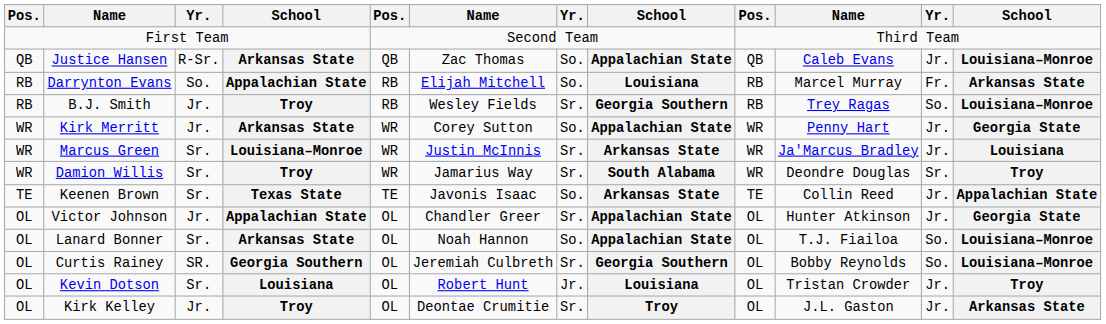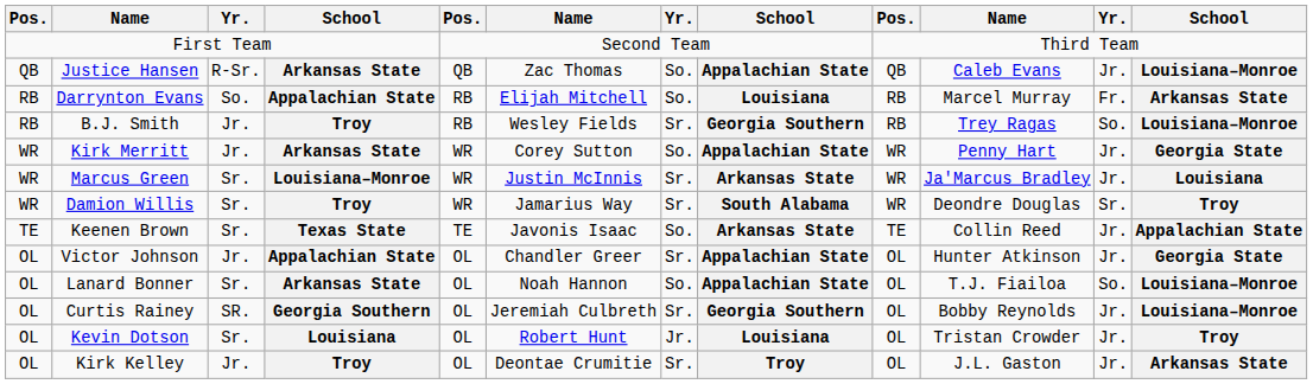 <table class="wikitable">
 <tr>
 <th>Pos.</th>
 <th>Name</th>
 <th>Yr.</th>
 <th>School</th>
 <th>Pos.</th>
 <th>Name</th>
 <th>Yr.</th>
 <th>School</th>
 <th>Pos.</th>
 <th>Name</th>
 <th>Yr.</th>
 <th>School</th>
 </tr>
 <tr>
 <td colspan="4" style="text-align:center;">First Team</td>
 <td colspan="4" style="text-align:center;">Second Team</td>
 <td colspan="4" style="text-align:center;">Third Team</td>
 </tr>
 <tr style="text-align:center;">
 <td>QB</td>
 <td><a href='#'>Justice Hansen</a></td>
 <td>R-Sr.</td>
 <th>Arkansas State</th>
 <td>QB</td>
 <td>Zac Thomas</td>
 <td>So.</td>
 <th>Appalachian State</th>
 <td>QB</td>
 <td><a href='#'>Caleb Evans</a></td>
 <td>Jr.</td>
 <th>Louisiana–Monroe</th>
 </tr>
 <tr style="text-align:center;">
 <td>RB</td>
 <td><a href='#'>Darrynton Evans</a></td>
 <td>So.</td>
 <th>Appalachian State</th>
 <td>RB</td>
 <td><a href='#'>Elijah Mitchell</a></td>
 <td>So.</td>
 <th>Louisiana</th>
 <td>RB</td>
 <td>Marcel Murray</td>
 <td>Fr.</td>
 <th>Arkansas State</th>
 </tr>
 <tr style="text-align:center;">
 <td>RB</td>
 <td>B.J. Smith</td>
 <td>Jr.</td>
 <th>Troy</th>
 <td>RB</td>
 <td>Wesley Fields</td>
 <td>Sr.</td>
 <th>Georgia Southern</th>
 <td>RB</td>
 <td><a href='#'>Trey Ragas</a></td>
 <td>So.</td>
 <th>Louisiana–Monroe</th>
 </tr>
 <tr style="text-align:center;">
 <td>WR</td>
 <td><a href='#'>Kirk Merritt</a></td>
 <td>Jr.</td>
 <th>Arkansas State</th>
 <td>WR</td>
 <td>Corey Sutton</td>
 <td>So.</td>
 <th>Appalachian State</th>
 <td>WR</td>
 <td><a href='#'>Penny Hart</a></td>
 <td>Jr.</td>
 <th>Georgia State</th>
 </tr>
 <tr style="text-align:center;">
 <td>WR</td>
 <td><a href='#'>Marcus Green</a></td>
 <td>Sr.</td>
 <th>Louisiana–Monroe</th>
 <td>WR</td>
 <td><a href='#'>Justin McInnis</a></td>
 <td>Sr.</td>
 <th>Arkansas State</th>
 <td>WR</td>
 <td><a href='#'>Ja'Marcus Bradley</a></td>
 <td>Jr.</td>
 <th>Louisiana</th>
 </tr>
 <tr style="text-align:center;">
 <td>WR</td>
 <td><a href='#'>Damion Willis</a></td>
 <td>Sr.</td>
 <th>Troy</th>
 <td>WR</td>
 <td>Jamarius Way</td>
 <td>Sr.</td>
 <th>South Alabama</th>
 <td>WR</td>
 <td>Deondre Douglas</td>
 <td>Sr.</td>
 <th>Troy</th>
 </tr>
 <tr style="text-align:center;">
 <td>TE</td>
 <td>Keenen Brown</td>
 <td>Sr.</td>
 <th>Texas State</th>
 <td>TE</td>
 <td>Javonis Isaac</td>
 <td>So.</td>
 <th>Arkansas State</th>
 <td>TE</td>
 <td>Collin Reed</td>
 <td>Jr.</td>
 <th>Appalachian State</th>
 </tr>
 <tr style="text-align:center;">
 <td>OL</td>
 <td>Victor Johnson</td>
 <td>Jr.</td>
 <th>Appalachian State</th>
 <td>OL</td>
 <td>Chandler Greer</td>
 <td>Sr.</td>
 <th>Appalachian State</th>
 <td>OL</td>
 <td>Hunter Atkinson</td>
 <td>Jr.</td>
 <th>Georgia State</th>
 </tr>
 <tr style="text-align:center;">
 <td>OL</td>
 <td>Lanard Bonner</td>
 <td>Sr.</td>
 <th>Arkansas State</th>
 <td>OL</td>
 <td>Noah Hannon</td>
 <td>So.</td>
 <th>Appalachian State</th>
 <td>OL</td>
 <td>T.J. Fiailoa</td>
 <td>So.</td>
 <th>Louisiana–Monroe</th>
 </tr>
 <tr style="text-align:center;">
 <td>OL</td>
 <td>Curtis Rainey</td>
 <td>SR.</td>
 <th>Georgia Southern</th>
 <td>OL</td>
 <td>Jeremiah Culbreth</td>
 <td>Sr.</td>
 <th>Georgia Southern</th>
 <td>OL</td>
 <td>Bobby Reynolds</td>
-<td>So.</td>
+<td>Jr.</td>
 <th>Louisiana–Monroe</th>
 </tr>
 <tr style="text-align:center;">
 <td>OL</td>
 <td><a href='#'>Kevin Dotson</a></td>
 <td>Sr.</td>
 <th>Louisiana</th>
 <td>OL</td>
 <td><a href='#'>Robert Hunt</a></td>
 <td>Jr.</td>
 <th>Louisiana</th>
 <td>OL</td>
 <td>Tristan Crowder</td>
 <td>Jr.</td>
 <th>Troy</th>
 </tr>
 <tr style="text-align:center;">
 <td>OL</td>
 <td>Kirk Kelley</td>
 <td>Jr.</td>
 <th>Troy</th>
 <td>OL</td>
 <td>Deontae Crumitie</td>
 <td>Sr.</td>
 <th>Troy</th>
 <td>OL</td>
 <td>J.L. Gaston</td>
 <td>Jr.</td>
 <th>Arkansas State</th>
 </tr>
 </table>
